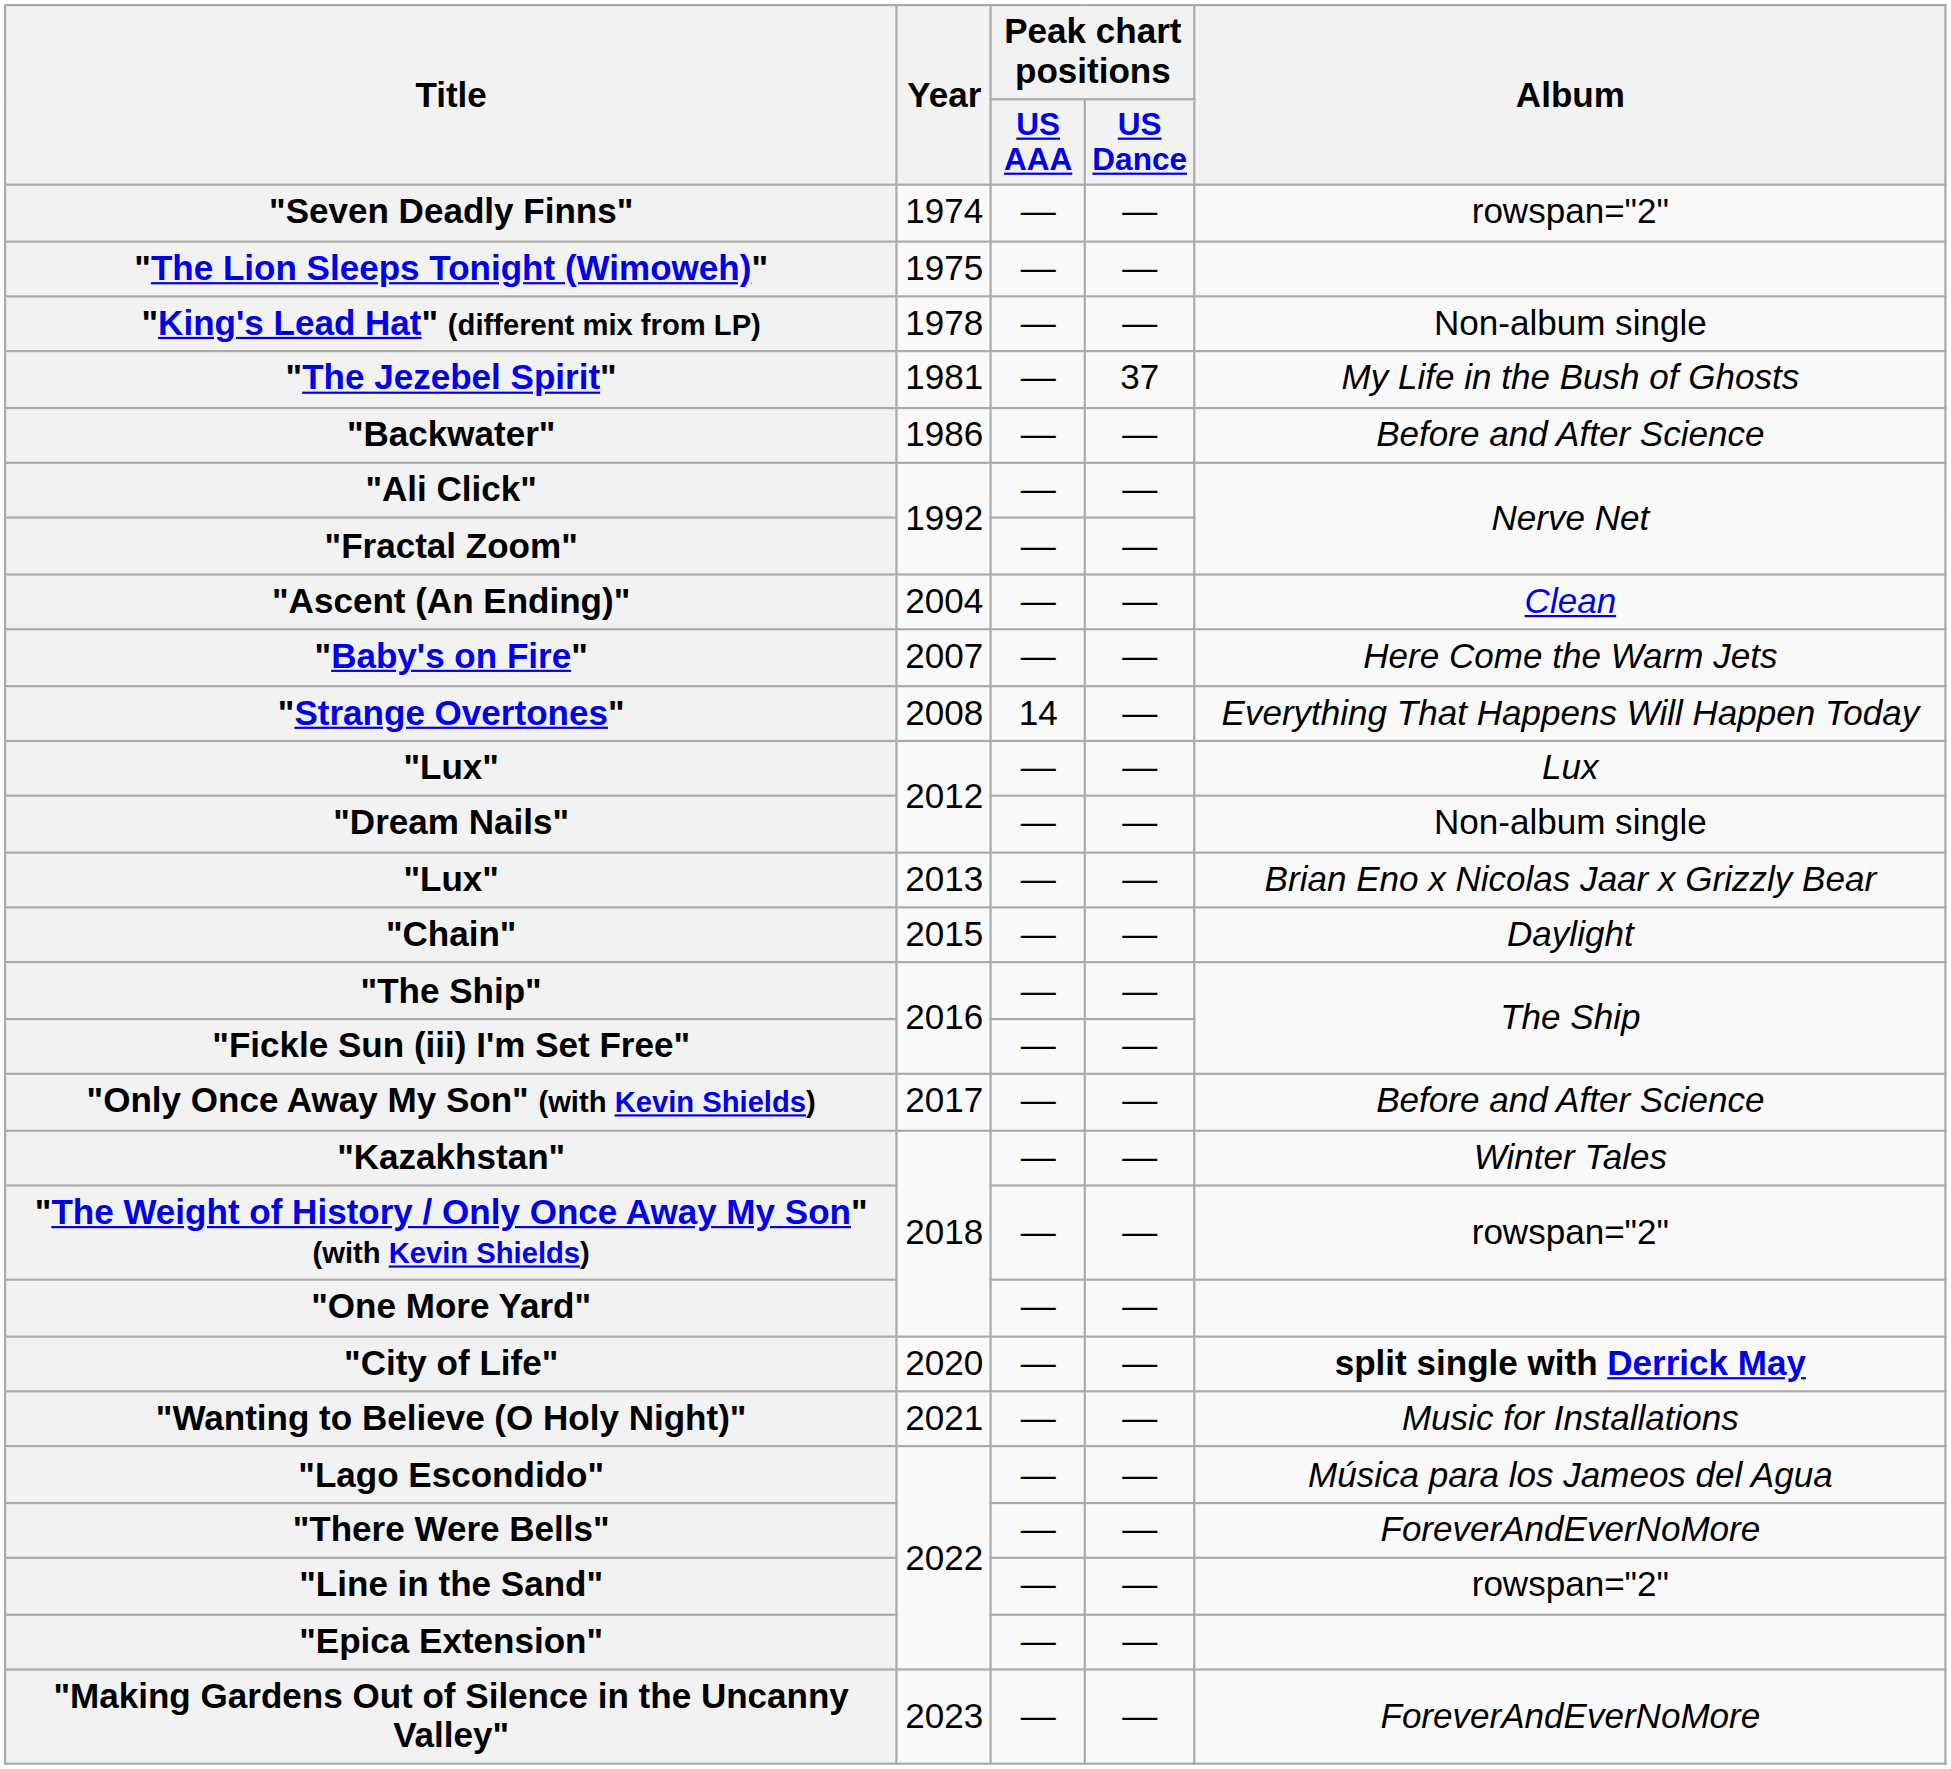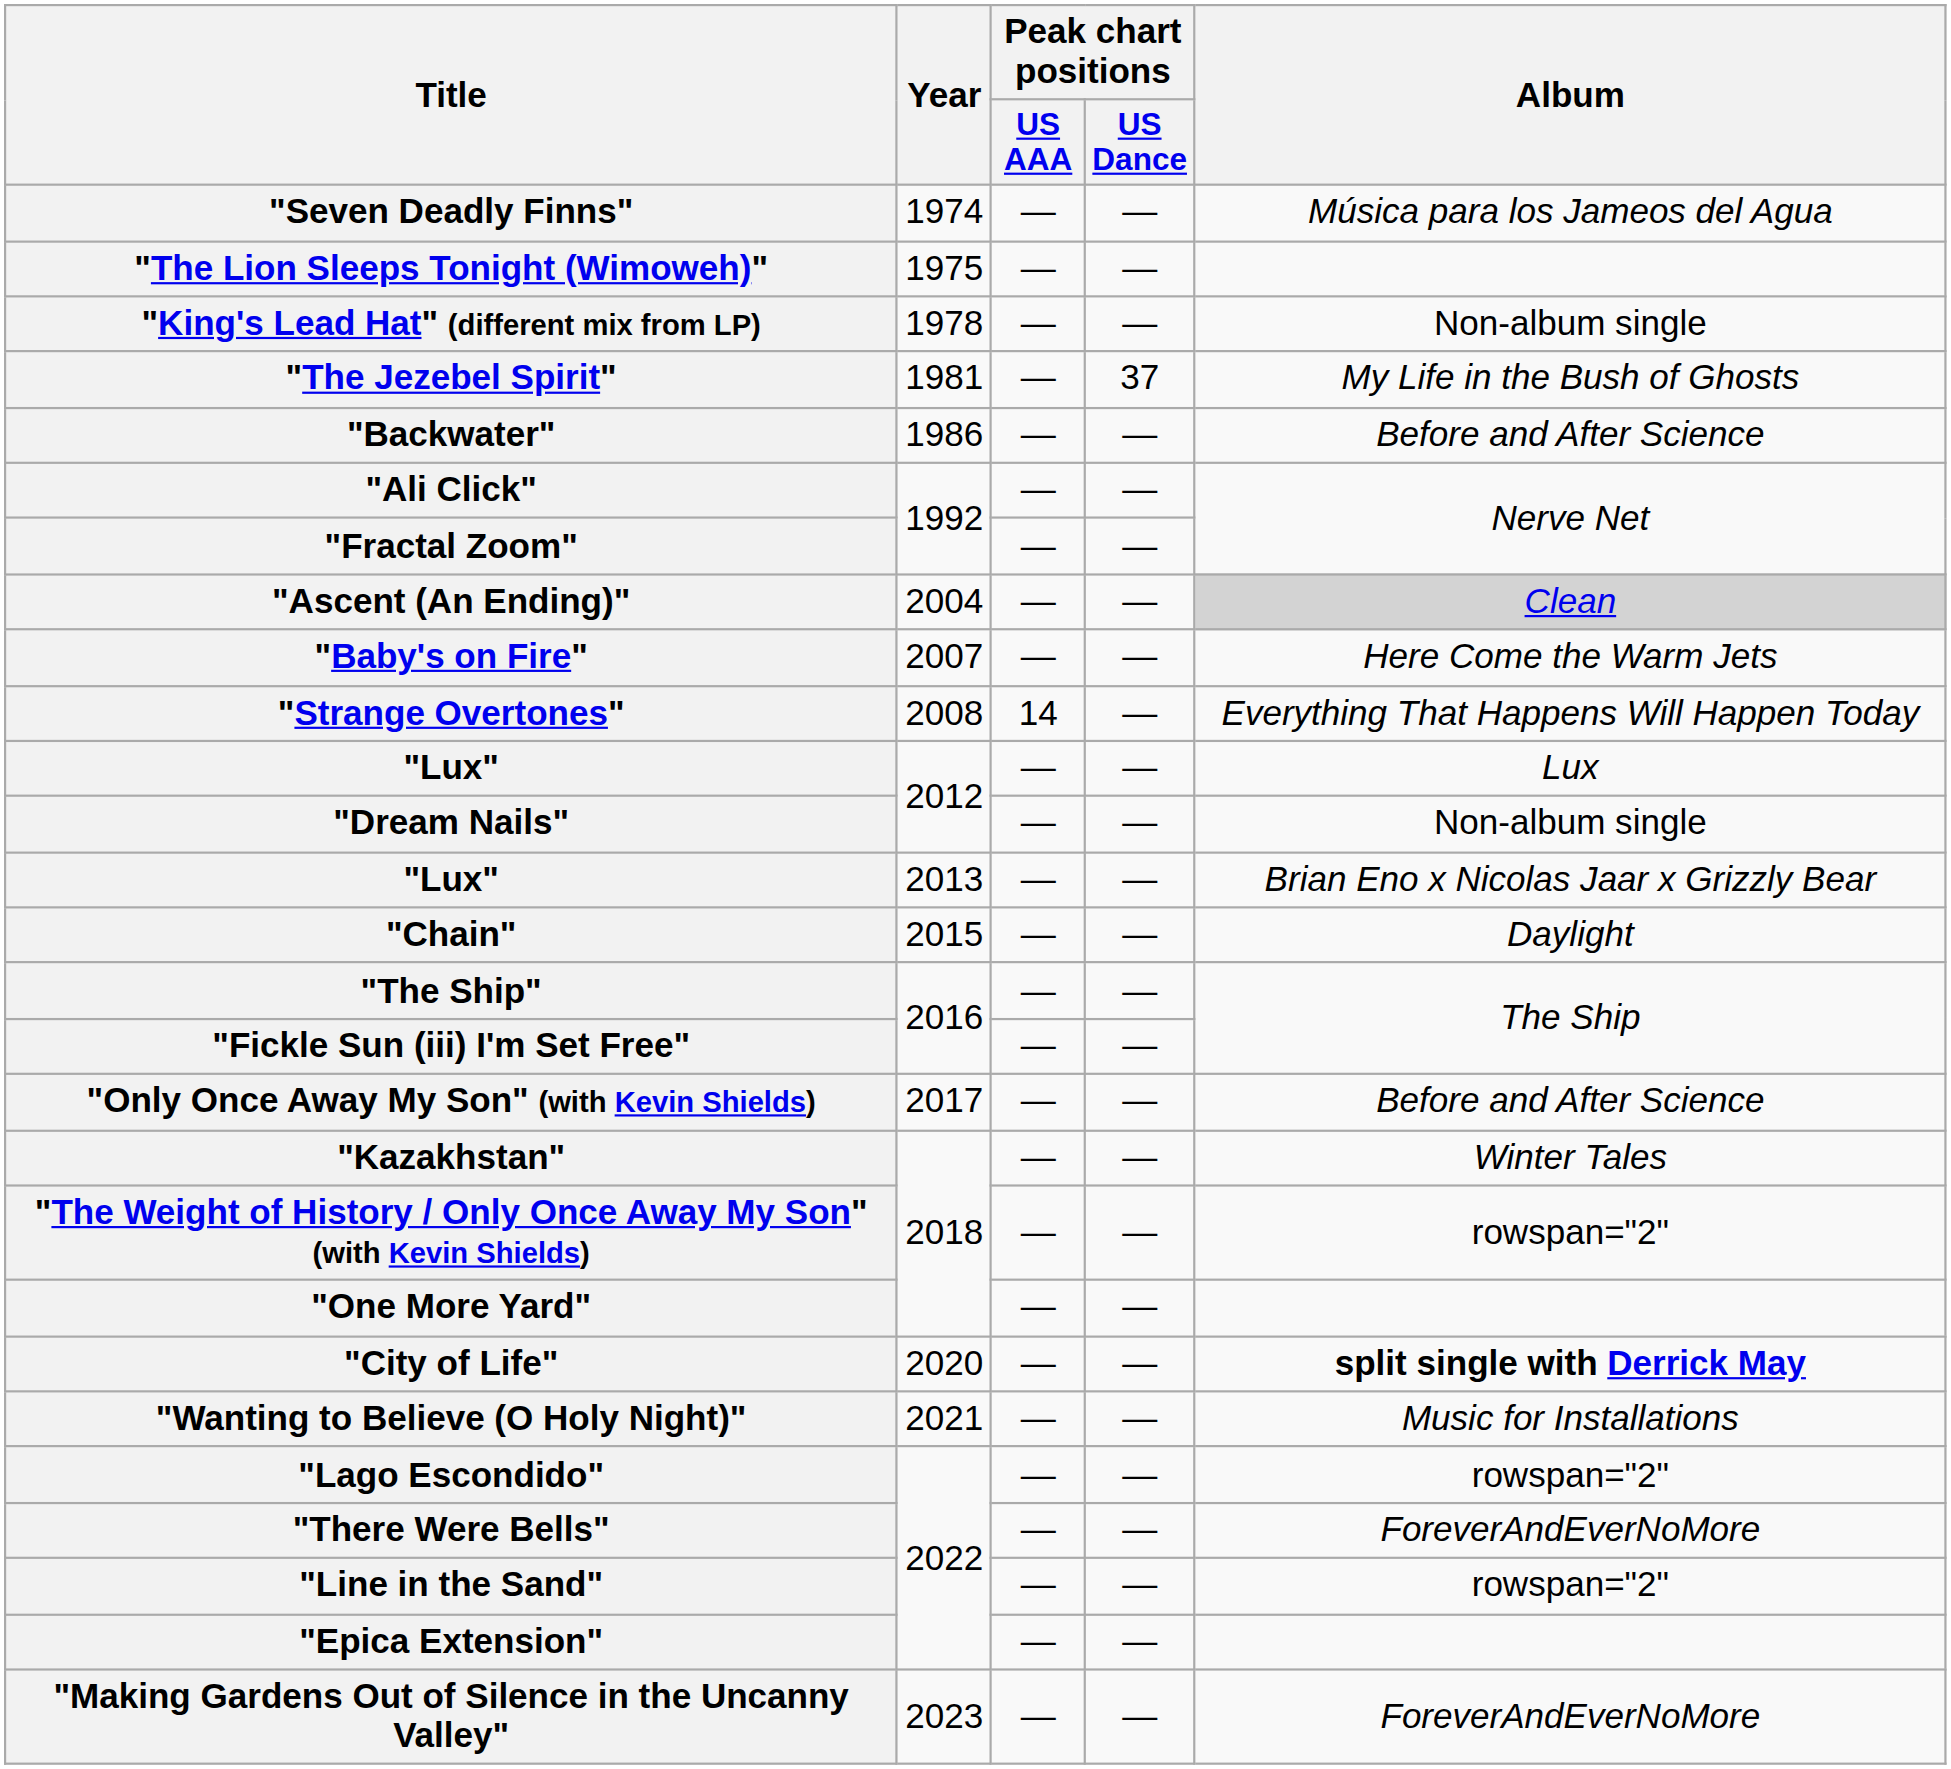 <table class="wikitable plainrowheaders" style="text-align:center;" border="1">
 <tr>
 <th rowspan="2" scope="col" style="width:25em;">Title</th>
 <th rowspan="2" scope="col" style="width:2em;">Year</th>
 <th colspan="2" scope="col">Peak chart positions</th>
 <th rowspan="2" scope="col" style="width:21em;">Album</th>
 </tr>
 <tr>
 <th scope="col" style="width:2.5em;font-size:90%;"><a href='#'>US<br>AAA</a><br></th>
 <th scope="col" style="width:2.5em;font-size:90%;"><a href='#'>US<br>Dance</a><br></th>
 </tr>
 <tr>
 <th scope="row">"Seven Deadly Finns"</th>
 <td>1974</td>
 <td>—</td>
 <td>—</td>
-<td>rowspan="2" </td>
+<td><em>Música para los Jameos del Agua</em></td>
 </tr>
 <tr>
 <th scope="row">"<a href='#'>The Lion Sleeps Tonight (Wimoweh)</a>"</th>
 <td>1975</td>
 <td>—</td>
 <td>—</td>
 </tr>
 <tr>
 <th scope="row">"<a href='#'>King's Lead Hat</a>" <small>(different mix from LP)</small></th>
 <td>1978</td>
 <td>—</td>
 <td>—</td>
 <td>Non-album single</td>
 </tr>
 <tr>
 <th scope="row">"<a href='#'>The Jezebel Spirit</a>"</th>
 <td>1981</td>
 <td>—</td>
 <td>37</td>
 <td><em>My Life in the Bush of Ghosts</em></td>
 </tr>
 <tr>
 <th scope="row">"Backwater"</th>
 <td>1986</td>
 <td>—</td>
 <td>—</td>
 <td><em>Before and After Science</em></td>
 </tr>
 <tr>
 <th scope="row">"Ali Click"</th>
 <td rowspan="2">1992</td>
 <td>—</td>
 <td>—</td>
 <td rowspan="2"><em>Nerve Net</em></td>
 </tr>
 <tr>
 <th scope="row">"Fractal Zoom"</th>
 <td>—</td>
 <td>—</td>
 </tr>
 <tr>
 <th scope="row">"Ascent (An Ending)"</th>
 <td>2004</td>
 <td>—</td>
 <td>—</td>
-<td><em><a href='#'>Clean</a></em></td>
+<td style="background: lightgrey;"><em><a href='#'>Clean</a></em></td>
 </tr>
 <tr>
 <th scope="row">"<a href='#'>Baby's on Fire</a>"</th>
 <td>2007</td>
 <td>—</td>
 <td>—</td>
 <td><em>Here Come the Warm Jets</em></td>
 </tr>
 <tr>
 <th scope="row">"<a href='#'>Strange Overtones</a>"</th>
 <td>2008</td>
 <td>14</td>
 <td>—</td>
 <td><em>Everything That Happens Will Happen Today</em></td>
 </tr>
 <tr>
 <th scope="row">"Lux" </th>
 <td rowspan="2">2012</td>
 <td>—</td>
 <td>—</td>
 <td><em>Lux</em></td>
 </tr>
 <tr>
 <th scope="row">"Dream Nails" </th>
 <td>—</td>
 <td>—</td>
 <td>Non-album single</td>
 </tr>
 <tr>
 <th scope="row">"Lux" </th>
 <td>2013</td>
 <td>—</td>
 <td>—</td>
 <td><em>Brian Eno x Nicolas Jaar x Grizzly Bear</em></td>
 </tr>
 <tr>
 <th scope="row">"Chain" </th>
 <td>2015</td>
 <td>—</td>
 <td>—</td>
 <td><em>Daylight</em></td>
 </tr>
 <tr>
 <th scope="row">"The Ship"</th>
 <td rowspan="2">2016</td>
 <td>—</td>
 <td>—</td>
 <td rowspan="2"><em>The Ship</em></td>
 </tr>
 <tr>
 <th scope="row">"Fickle Sun (iii) I'm Set Free"</th>
 <td>—</td>
 <td>—</td>
 </tr>
 <tr>
 <th scope="row">"Only Once Away My Son" <small>(with <a href='#'>Kevin Shields</a>)</small></th>
 <td>2017</td>
 <td>—</td>
 <td>—</td>
 <td><em>Before and After Science</em></td>
 </tr>
 <tr>
 <th scope="row">"Kazakhstan" </th>
 <td rowspan="3">2018</td>
 <td>—</td>
 <td>—</td>
 <td><em>Winter Tales</em></td>
 </tr>
 <tr>
 <th scope="row">"<a href='#'>The Weight of History / Only Once Away My Son</a>" <small>(with <a href='#'>Kevin Shields</a>)</small></th>
 <td>—</td>
 <td>—</td>
 <td>rowspan="2" </td>
 </tr>
 <tr>
 <th scope="row">"One More Yard" </th>
 <td>—</td>
 <td>—</td>
 </tr>
 <tr>
 <th scope="row">"City of Life"</th>
 <td>2020</td>
 <td>—</td>
 <td>—</td>
 <td><strong>split single with <a href='#'>Derrick May</a></strong></td>
 </tr>
 <tr>
 <th scope="row">"Wanting to Believe (O Holy Night)" </th>
 <td>2021</td>
 <td>—</td>
 <td>—</td>
 <td><em>Music for Installations</em></td>
 </tr>
 <tr>
 <th scope="row">"Lago Escondido" </th>
 <td rowspan="4">2022</td>
 <td>—</td>
 <td>—</td>
-<td><em>Música para los Jameos del Agua</em></td>
+<td>rowspan="2" </td>
 </tr>
 <tr>
 <th scope="row">"There Were Bells"</th>
 <td>—</td>
 <td>—</td>
 <td><em>ForeverAndEverNoMore</em></td>
 </tr>
 <tr>
 <th scope="row">"Line in the Sand" </th>
 <td>—</td>
 <td>—</td>
 <td>rowspan="2" </td>
 </tr>
 <tr>
 <th scope="row">"Epica Extension" </th>
 <td>—</td>
 <td>—</td>
 </tr>
 <tr>
 <th scope="row">"Making Gardens Out of Silence in the Uncanny Valley"</th>
 <td>2023</td>
 <td>—</td>
 <td>—</td>
 <td><em>ForeverAndEverNoMore</em></td>
 </tr>
 </table>
